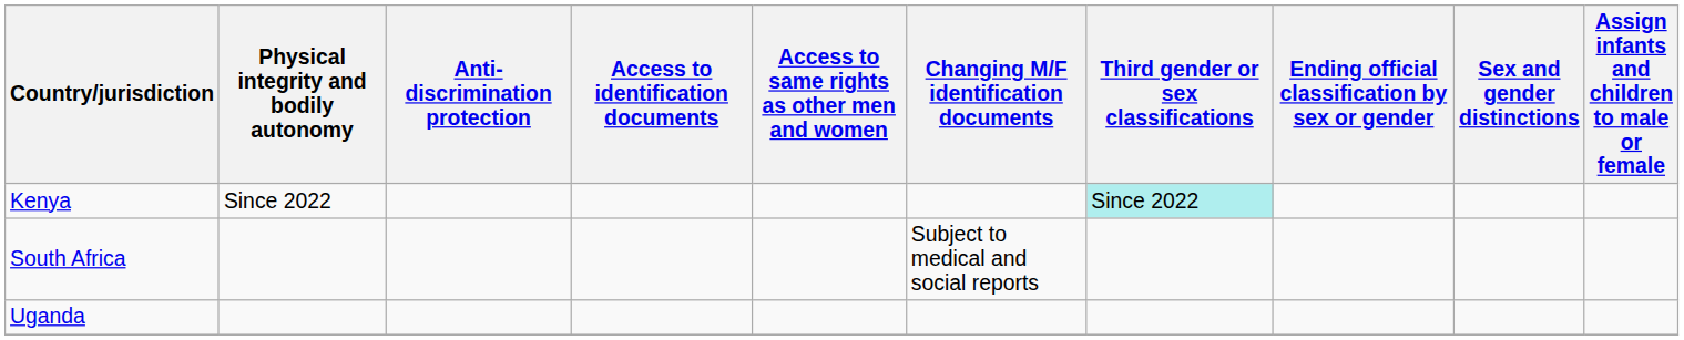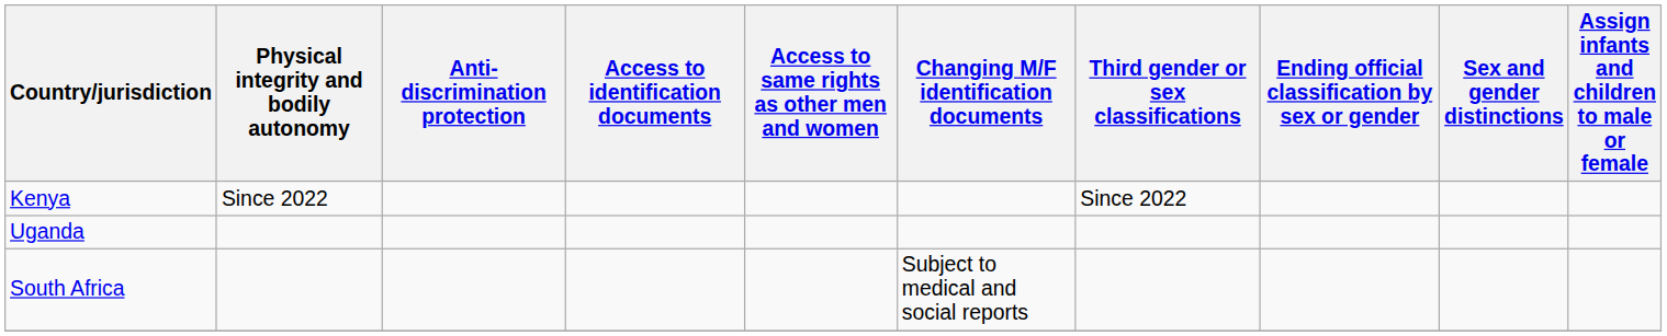 <table class="wikitable">
 <tr>
 <th width="12.5%">Country/jurisdiction</th>
 <th width="12.5%">Physical integrity and bodily autonomy</th>
 <th width="12.5%"><a href='#'>Anti-discrimination protection</a></th>
 <th width="12.5%"><a href='#'>Access to identification documents</a></th>
 <th width="12.5%"><a href='#'>Access to same rights as other men and women</a></th>
 <th width="12.5%"><a href='#'>Changing M/F identification documents</a></th>
 <th width="12.5%"><a href='#'>Third gender or sex classifications</a></th>
 <th width="12.5%"><a href='#'>Ending official classification by sex or gender</a></th>
 <th width="12.5%"><a href='#'>Sex and gender distinctions</a></th>
 <th width="12.5%"><a href='#'>Assign infants and children to male or female</a></th>
 </tr>
 <tr>
 <td> <a href='#'>Kenya</a></td>
 <td> Since 2022</td>
 <td> </td>
 <td> </td>
 <td></td>
 <td></td>
-<td style="background: paleturquoise;"> Since 2022</td>
+<td> Since 2022</td>
+<td></td>
+<td></td>
+<td></td>
+</tr>
+<tr>
+<td> <a href='#'>Uganda</a></td>
+<td> </td>
+<td> </td>
+<td></td>
+<td></td>
+<td> </td>
+<td></td>
 <td></td>
 <td></td>
 <td></td>
 </tr>
 <tr>
 <td> <a href='#'>South Africa</a></td>
 <td> </td>
 <td> </td>
 <td> </td>
 <td> </td>
 <td>  Subject to medical and social reports</td>
 <td></td>
 <td></td>
 <td></td>
 <td></td>
 </tr>
 <tr>
-<td> <a href='#'>Uganda</a></td>
-<td> </td>
-<td> </td>
-<td></td>
-<td></td>
-<td> </td>
-<td></td>
-<td></td>
-<td></td>
-<td></td>
-</tr>
-<tr>
 </tr>
 </table>
